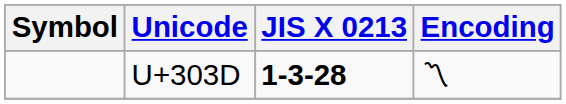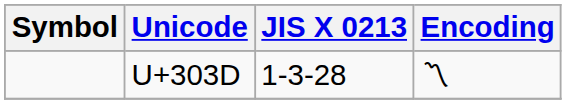 <table class="wikitable">
 <tr>
 <th>Symbol</th>
 <th><a href='#'>Unicode</a></th>
 <th><a href='#'>JIS X 0213</a></th>
 <th><a href='#'>Encoding</a></th>
 </tr>
 <tr>
 <td></td>
 <td>U+303D</td>
-<td><strong>1-3-28</strong></td>
+<td>1-3-28</td>
 <td>&#12349;</td>
 </tr>
 <tr>
 </tr>
 </table>
